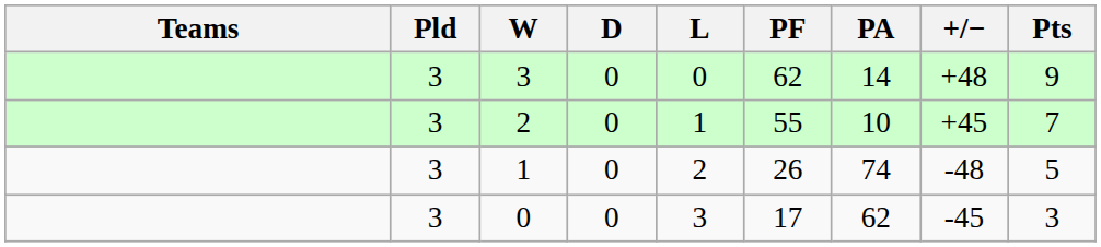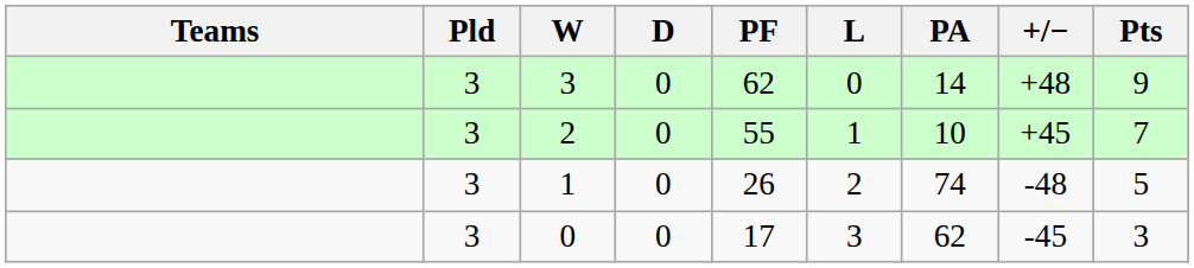 <table class="wikitable" style="text-align: center;">
 <tr>
 <th width="200">Teams</th>
 <th width="40">Pld</th>
 <th width="40">W</th>
 <th width="40">D</th>
+<th width="40">PF</th>
 <th width="40">L</th>
-<th width="40">PF</th>
 <th width="40">PA</th>
 <th width="40">+/−</th>
 <th width="40">Pts</th>
 </tr>
 <tr style="background:#ccffcc">
 <td align=left></td>
 <td>3</td>
 <td>3</td>
 <td>0</td>
+<td>62</td>
 <td>0</td>
-<td>62</td>
 <td>14</td>
 <td>+48</td>
 <td>9</td>
 </tr>
 <tr style="background:#ccffcc">
 <td align=left></td>
 <td>3</td>
 <td>2</td>
 <td>0</td>
+<td>55</td>
 <td>1</td>
-<td>55</td>
 <td>10</td>
 <td>+45</td>
 <td>7</td>
 </tr>
 <tr>
 <td align=left></td>
 <td>3</td>
 <td>1</td>
 <td>0</td>
+<td>26</td>
 <td>2</td>
-<td>26</td>
 <td>74</td>
 <td>-48</td>
 <td>5</td>
 </tr>
 <tr>
 <td align=left></td>
 <td>3</td>
 <td>0</td>
 <td>0</td>
+<td>17</td>
 <td>3</td>
-<td>17</td>
 <td>62</td>
 <td>-45</td>
 <td>3</td>
 </tr>
 </table>
